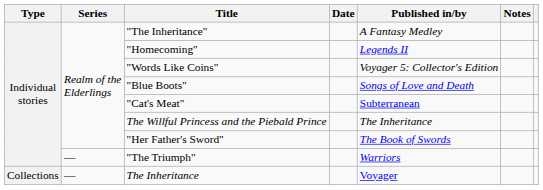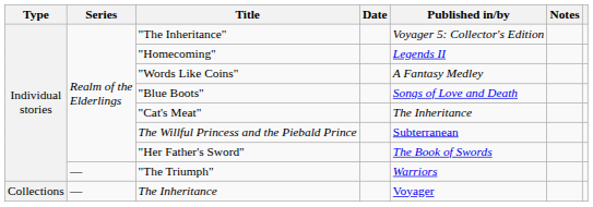 <table class="wikitable sortable">
 <tr>
 <th scope=col>Type</th>
 <th scope=col>Series</th>
 <th scope=col>Title</th>
 <th scope=col>Date</th>
 <th scope=col>Published in/by</th>
 <th scope=col class=unsortable>Notes</th>
 <th scope=col class=unsortable></th>
 </tr>
 <tr>
 <th scope=row rowspan=8 style="font-weight: normal">Individual<br> stories</th>
 <td scope=row rowspan=7><em>Realm of the</em><br><em>Elderlings</em></td>
 <td>"The Inheritance"</td>
 <td align=center></td>
-<td><em>A Fantasy Medley</em></td>
+<td><em>Voyager 5: Collector's Edition</em></td>
 <td align=center></td>
 <td align=center></td>
 </tr>
 <tr>
 <td>"Homecoming"</td>
 <td align=center></td>
 <td><em><a href='#'>Legends II</a></em></td>
 <td align=center></td>
 <td align=center></td>
 </tr>
 <tr>
 <td>"Words Like Coins"</td>
 <td align=center></td>
-<td><em>Voyager 5: Collector's Edition</em></td>
+<td><em>A Fantasy Medley</em></td>
 <td align=center></td>
 <td align=center></td>
 </tr>
 <tr>
 <td>"Blue Boots"</td>
 <td align=center></td>
 <td><em><a href='#'>Songs of Love and Death</a></em></td>
 <td align=center></td>
 <td align=center></td>
 </tr>
 <tr>
 <td>"Cat's Meat"</td>
 <td align=center></td>
-<td><a href='#'>Subterranean</a></td>
+<td data-sort-value="Inheritance, The"><em>The Inheritance</em></td>
 <td></td>
 <td align=center></td>
 </tr>
 <tr>
 <td><em>The Willful Princess and the Piebald Prince</em></td>
 <td align=center></td>
-<td data-sort-value="Inheritance, The"><em>The Inheritance</em></td>
+<td><a href='#'>Subterranean</a></td>
 <td></td>
 <td align=center></td>
 </tr>
 <tr>
 <td>"Her Father's Sword"</td>
 <td align=center></td>
 <td data-sort-value="Book of Swords, The"><em><a href='#'>The Book of Swords</a></em></td>
 <td align=center></td>
 <td align=center></td>
 </tr>
 <tr>
 <td>—</td>
 <td>"The Triumph"</td>
 <td align=center></td>
 <td><em><a href='#'>Warriors</a></em></td>
 <td align=center></td>
 <td align=center></td>
 </tr>
 <tr>
 <th scope=row style="font-weight: normal">Collections</th>
 <td>—</td>
 <td><em>The Inheritance</em></td>
 <td align=center></td>
 <td><a href='#'>Voyager</a></td>
 <td align=center></td>
 <td align=center></td>
 </tr>
 </table>
